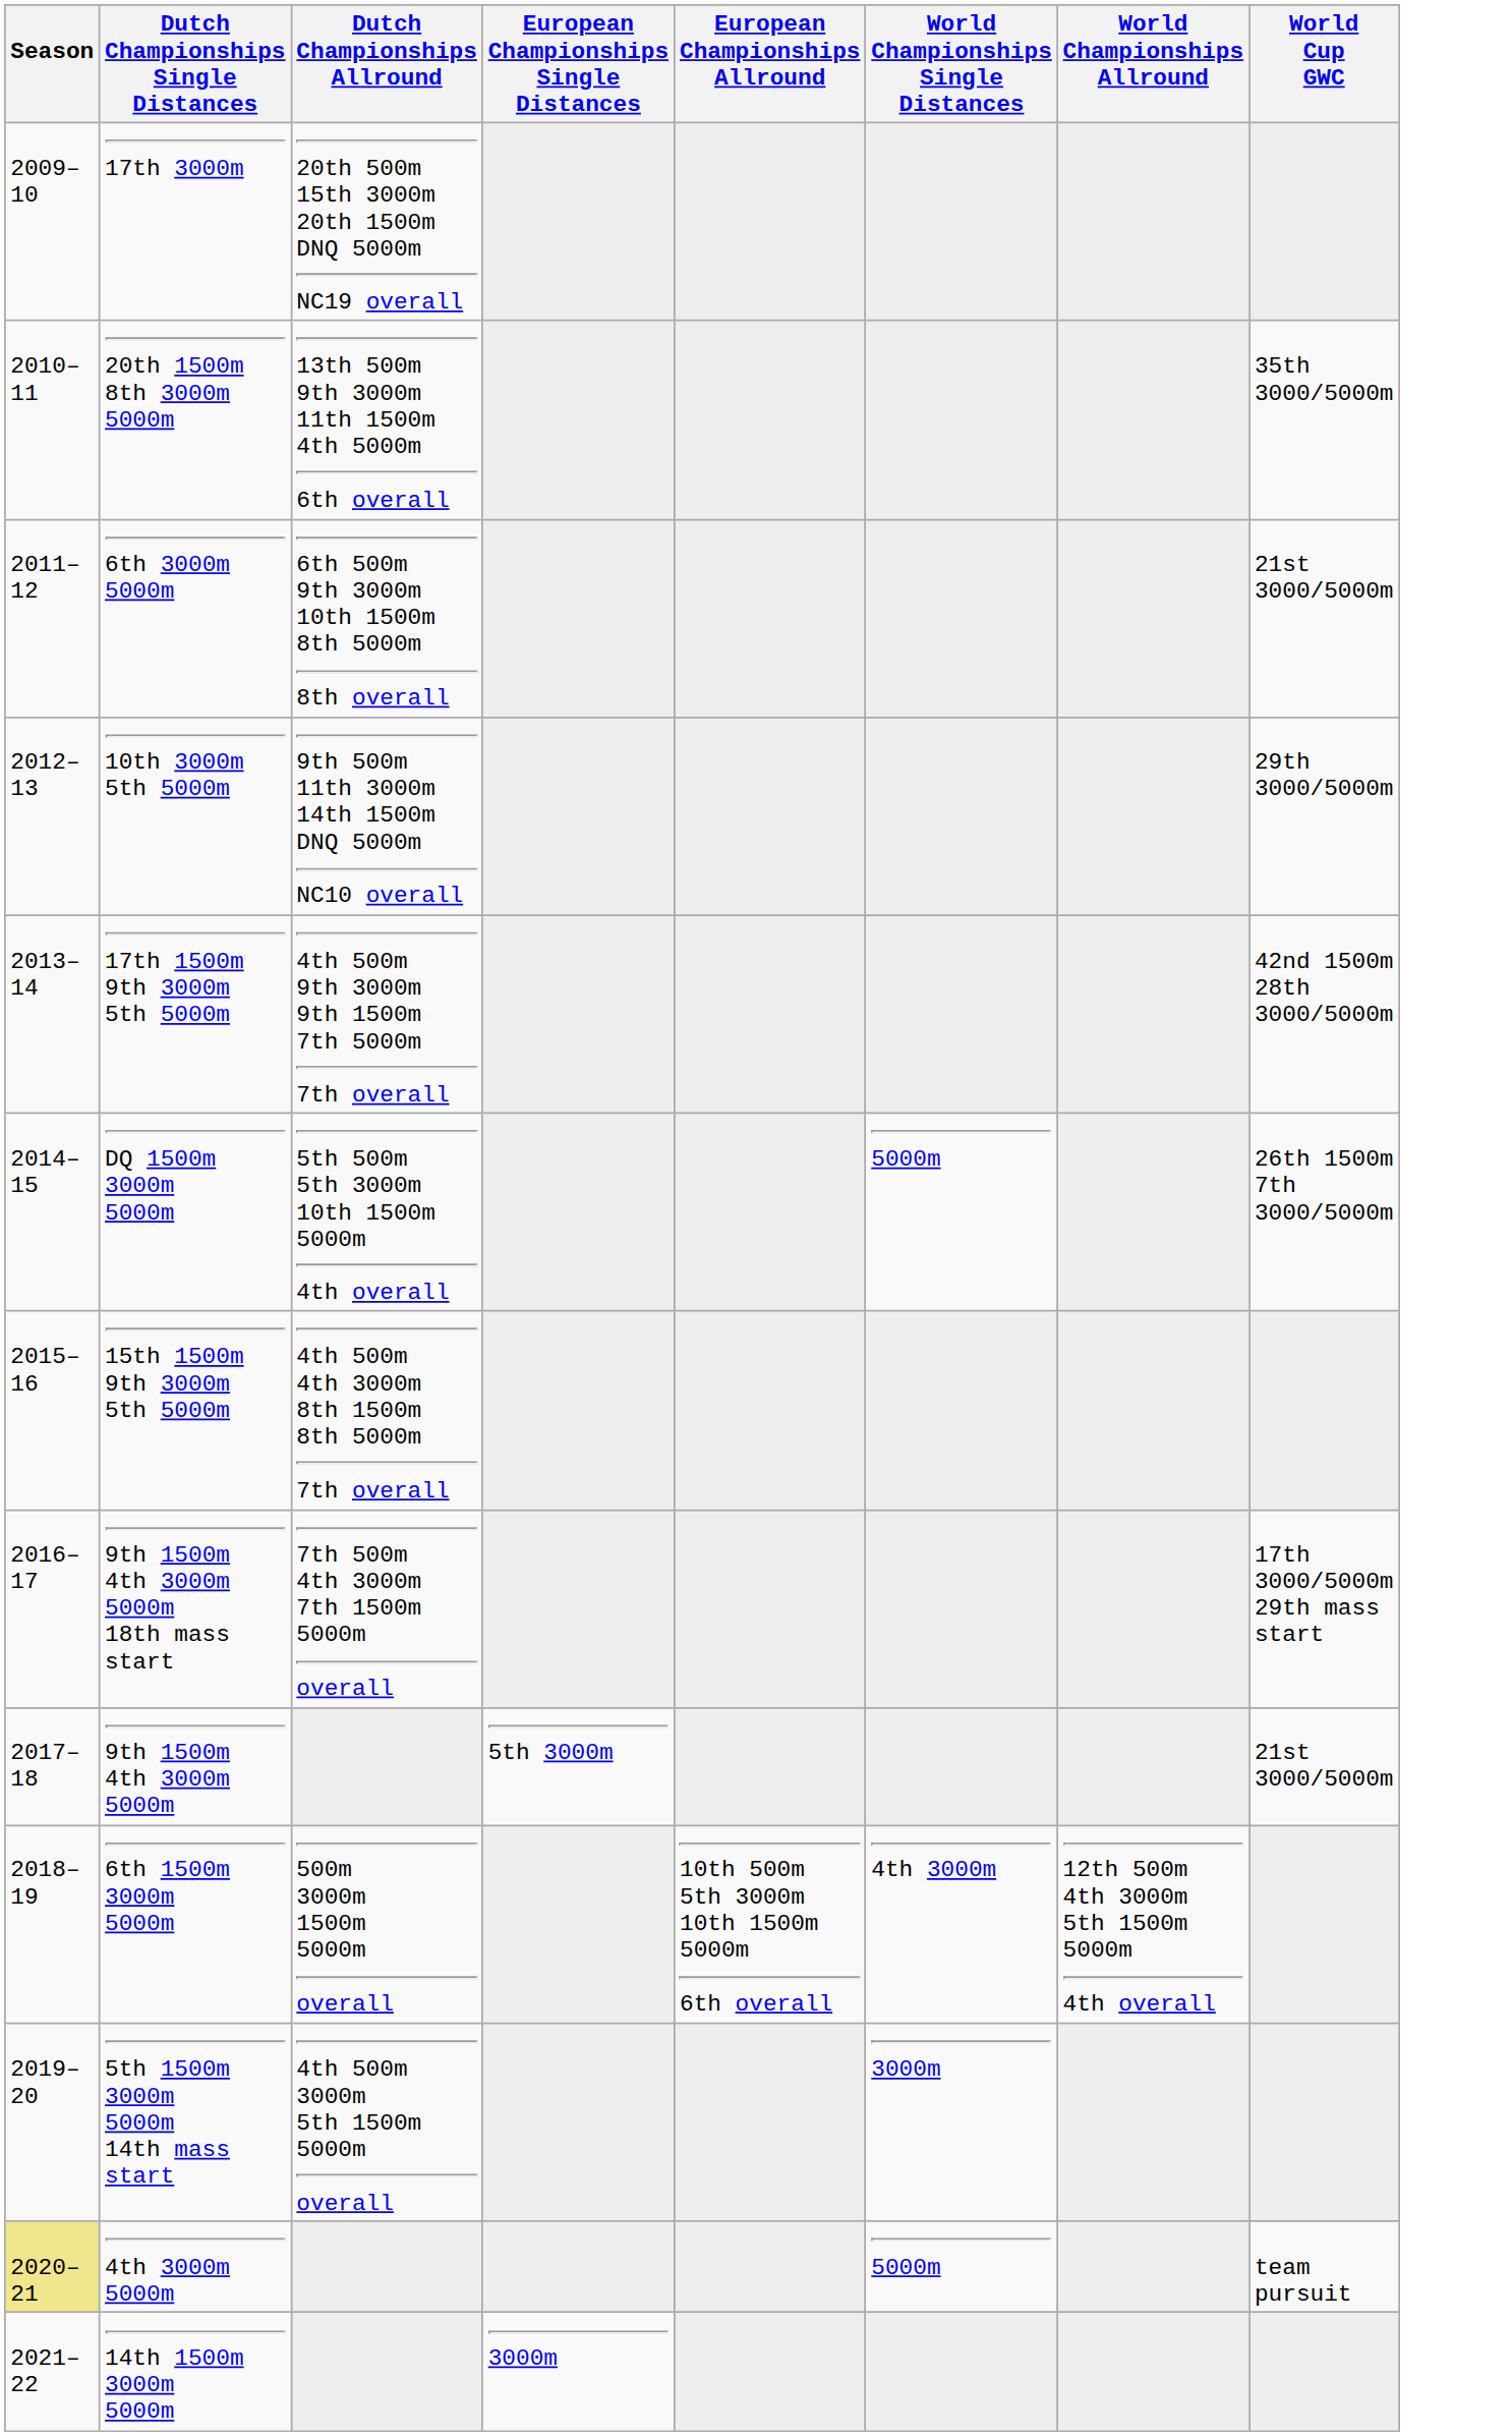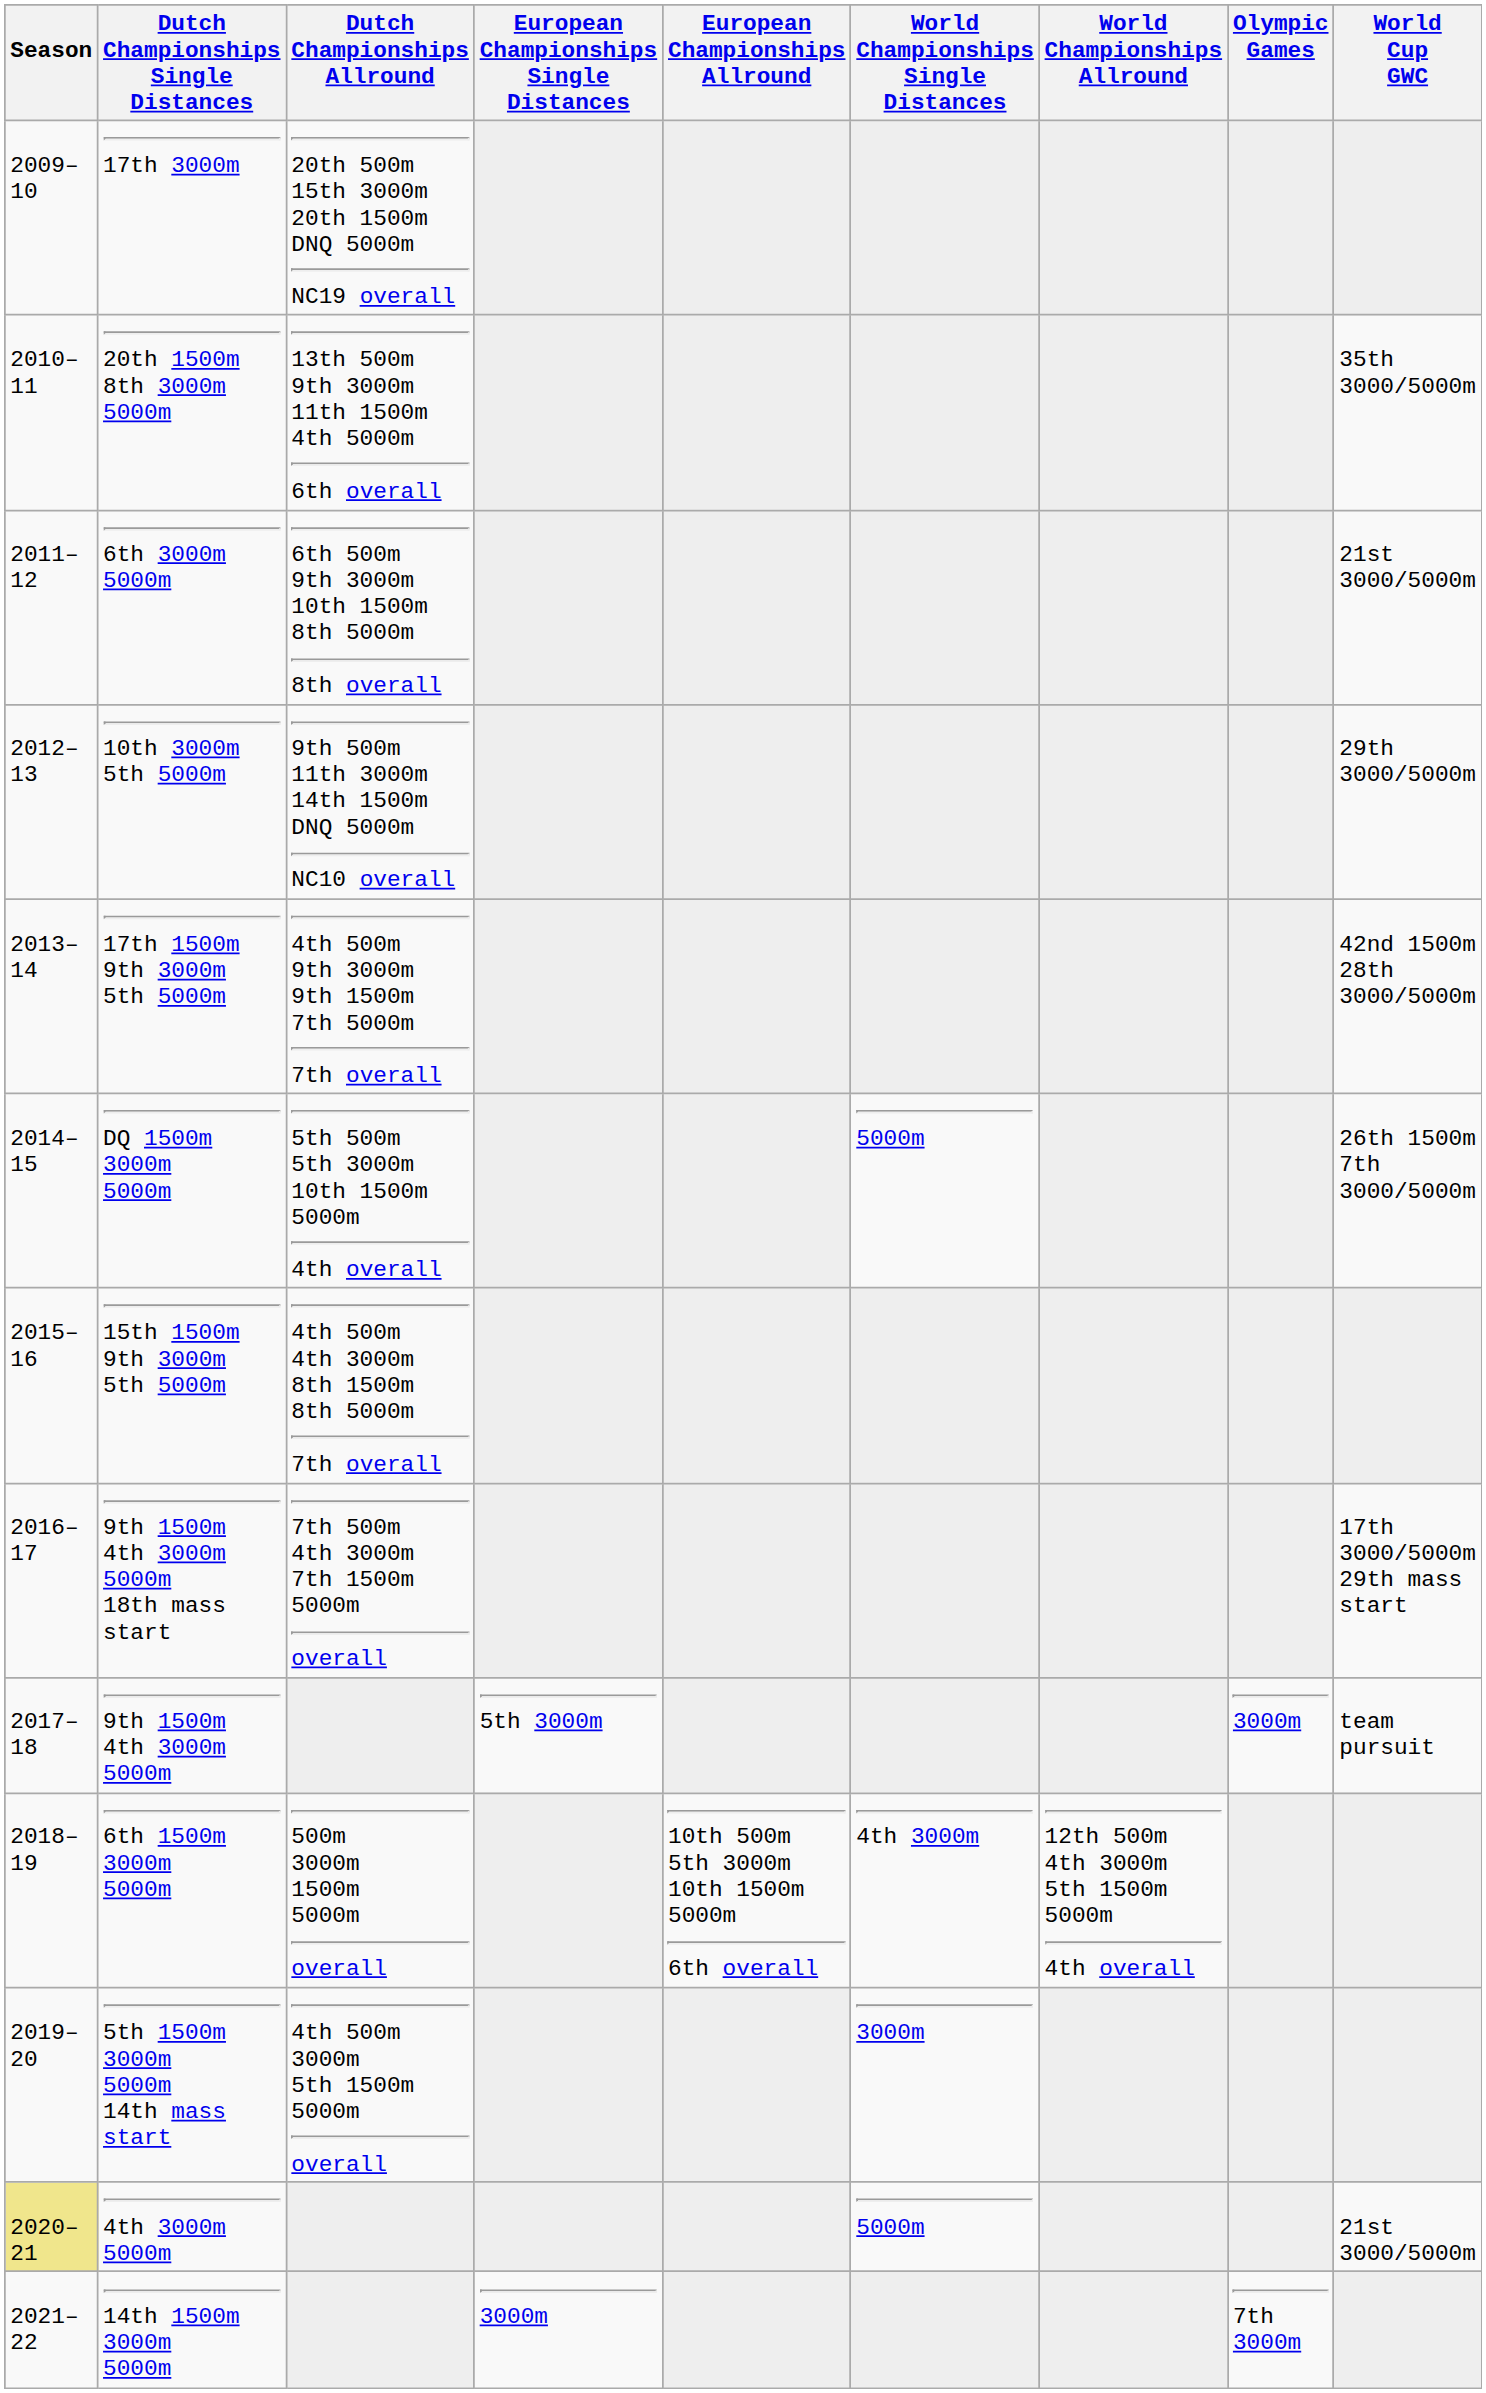 <table class="wikitable">
 <tr style="vertical-align: top;">
 <th><br> Season</th>
 <th><a href='#'>Dutch <br> Championships <br> Single <br> Distances</a></th>
 <th><a href='#'> Dutch <br> Championships <br> Allround</a></th>
 <th><a href='#'>European <br> Championships <br> Single <br> Distances</a></th>
 <th><a href='#'>European <br> Championships <br> Allround</a></th>
 <th><a href='#'>World <br> Championships <br> Single <br> Distances</a></th>
 <th><a href='#'>World <br> Championships <br> Allround</a></th>
+<th><a href='#'>Olympic <br> Games</a></th>
 <th><a href='#'>World <br> Cup <br> GWC</a></th>
 </tr>
 <tr style="vertical-align: top;">
 <td><br> 2009–10</td>
 <td> <hr> 17th <a href='#'>3000m</a></td>
 <td> <hr> 20th 500m <br> 15th 3000m <br> 20th 1500m <br> DNQ 5000m <hr> NC19 <a href='#'>overall</a></td>
+<td bgcolor=#EEEEEE></td>
 <td bgcolor=#EEEEEE></td>
 <td bgcolor=#EEEEEE></td>
 <td bgcolor=#EEEEEE></td>
 <td bgcolor=#EEEEEE></td>
 <td bgcolor=#EEEEEE></td>
 </tr>
 <tr style="vertical-align: top;">
 <td><br> 2010–11</td>
 <td> <hr> 20th <a href='#'>1500m</a> <br> 8th <a href='#'>3000m</a> <br>  <a href='#'>5000m</a></td>
 <td> <hr> 13th 500m <br> 9th 3000m <br> 11th 1500m <br> 4th 5000m <hr> 6th <a href='#'>overall</a></td>
 <td bgcolor=#EEEEEE></td>
 <td bgcolor=#EEEEEE></td>
 <td bgcolor=#EEEEEE></td>
 <td bgcolor=#EEEEEE></td>
+<td bgcolor=#EEEEEE></td>
 <td><br> 35th 3000/5000m</td>
 </tr>
 <tr style="vertical-align: top;">
 <td><br> 2011–12</td>
 <td> <hr> 6th <a href='#'>3000m</a> <br>  <a href='#'>5000m</a></td>
 <td> <hr> 6th 500m <br> 9th 3000m <br> 10th 1500m <br> 8th 5000m <hr> 8th <a href='#'>overall</a></td>
+<td bgcolor=#EEEEEE></td>
 <td bgcolor=#EEEEEE></td>
 <td bgcolor=#EEEEEE></td>
 <td bgcolor=#EEEEEE></td>
 <td bgcolor=#EEEEEE></td>
 <td><br> 21st 3000/5000m</td>
 </tr>
 <tr style="vertical-align: top;">
 <td><br> 2012–13</td>
 <td> <hr> 10th <a href='#'>3000m</a> <br> 5th <a href='#'>5000m</a></td>
 <td> <hr> 9th 500m <br> 11th 3000m <br> 14th 1500m <br> DNQ 5000m <hr> NC10 <a href='#'>overall</a></td>
 <td bgcolor=#EEEEEE></td>
 <td bgcolor=#EEEEEE></td>
 <td bgcolor=#EEEEEE></td>
 <td bgcolor=#EEEEEE></td>
+<td bgcolor=#EEEEEE></td>
 <td><br> 29th 3000/5000m</td>
 </tr>
 <tr style="vertical-align: top;">
 <td><br> 2013–14</td>
 <td> <hr> 17th <a href='#'>1500m</a> <br> 9th <a href='#'>3000m</a> <br> 5th <a href='#'>5000m</a></td>
 <td> <hr> 4th 500m <br> 9th 3000m <br> 9th 1500m <br> 7th 5000m <hr> 7th <a href='#'>overall</a></td>
+<td bgcolor=#EEEEEE></td>
 <td bgcolor=#EEEEEE></td>
 <td bgcolor=#EEEEEE></td>
 <td bgcolor=#EEEEEE></td>
 <td bgcolor=#EEEEEE></td>
 <td><br> 42nd 1500m <br> 28th 3000/5000m</td>
 </tr>
 <tr style="vertical-align: top;">
 <td><br> 2014–15</td>
 <td> <hr> DQ <a href='#'>1500m</a> <br>  <a href='#'>3000m</a> <br>  <a href='#'>5000m</a></td>
 <td> <hr> 5th 500m <br> 5th 3000m <br> 10th 1500m <br>  5000m <hr> 4th <a href='#'>overall</a></td>
 <td bgcolor=#EEEEEE></td>
 <td bgcolor=#EEEEEE></td>
 <td> <hr>  <a href='#'>5000m</a></td>
 <td bgcolor=#EEEEEE></td>
+<td bgcolor=#EEEEEE></td>
 <td><br> 26th 1500m <br> 7th 3000/5000m</td>
 </tr>
 <tr style="vertical-align: top;">
 <td><br> 2015–16</td>
 <td> <hr> 15th <a href='#'>1500m</a> <br> 9th <a href='#'>3000m</a> <br> 5th <a href='#'>5000m</a></td>
 <td> <hr> 4th 500m <br> 4th 3000m <br> 8th 1500m <br> 8th 5000m <hr> 7th <a href='#'>overall</a></td>
+<td bgcolor=#EEEEEE></td>
 <td bgcolor=#EEEEEE></td>
 <td bgcolor=#EEEEEE></td>
 <td bgcolor=#EEEEEE></td>
 <td bgcolor=#EEEEEE></td>
 <td bgcolor=#EEEEEE></td>
 </tr>
 <tr style="vertical-align: top;">
 <td><br> 2016–17</td>
 <td> <hr> 9th <a href='#'>1500m</a> <br> 4th <a href='#'>3000m</a> <br>  <a href='#'>5000m</a> <br> 18th mass start</td>
 <td> <hr> 7th 500m <br> 4th 3000m <br> 7th 1500m <br>  5000m <hr>  <a href='#'>overall</a></td>
 <td bgcolor=#EEEEEE></td>
 <td bgcolor=#EEEEEE></td>
 <td bgcolor=#EEEEEE></td>
 <td bgcolor=#EEEEEE></td>
+<td bgcolor=#EEEEEE></td>
 <td><br> 17th 3000/5000m <br> 29th mass start</td>
 </tr>
 <tr style="vertical-align: top;">
 <td><br> 2017–18</td>
 <td> <hr> 9th <a href='#'>1500m</a> <br> 4th <a href='#'>3000m</a> <br>  <a href='#'>5000m</a></td>
 <td bgcolor=#EEEEEE></td>
 <td> <hr> 5th <a href='#'>3000m</a></td>
 <td bgcolor=#EEEEEE></td>
 <td bgcolor=#EEEEEE></td>
 <td bgcolor=#EEEEEE></td>
-<td><br> 21st 3000/5000m</td>
+<td> <hr>  <a href='#'>3000m</a></td>
+<td><br>  team pursuit</td>
 </tr>
 <tr style="vertical-align: top;">
 <td><br> 2018–19</td>
 <td> <hr> 6th <a href='#'>1500m</a> <br>  <a href='#'>3000m</a> <br>  <a href='#'>5000m</a></td>
 <td> <hr>  500m <br>  3000m <br>  1500m <br>  5000m <hr>  <a href='#'>overall</a></td>
 <td bgcolor=#EEEEEE></td>
 <td> <hr> 10th 500m <br> 5th 3000m <br> 10th 1500m <br>  5000m <hr> 6th <a href='#'>overall</a></td>
 <td> <hr> 4th <a href='#'>3000m</a></td>
 <td> <hr> 12th 500m <br> 4th 3000m <br> 5th 1500m <br>  5000m <hr> 4th <a href='#'>overall</a></td>
+<td bgcolor=#EEEEEE></td>
 <td bgcolor=#EEEEEE></td>
 </tr>
 <tr style="vertical-align: top;">
 <td><br> 2019–20</td>
 <td> <hr> 5th <a href='#'>1500m</a> <br>  <a href='#'>3000m</a> <br>  <a href='#'>5000m</a> <br> 14th <a href='#'>mass start</a></td>
 <td> <hr> 4th 500m <br>  3000m <br> 5th 1500m <br>  5000m <hr>  <a href='#'>overall</a></td>
 <td bgcolor=#EEEEEE></td>
 <td bgcolor=#EEEEEE></td>
 <td> <hr>  <a href='#'>3000m</a></td>
 <td bgcolor=#EEEEEE></td>
 <td bgcolor=#EEEEEE></td>
+<td bgcolor=#EEEEEE></td>
 </tr>
 <tr style="vertical-align: top;">
 <td style="background: khaki;"><br> 2020–21</td>
 <td> <hr> 4th <a href='#'>3000m</a> <br>  <a href='#'>5000m</a></td>
 <td bgcolor=#EEEEEE></td>
 <td bgcolor=#EEEEEE></td>
 <td bgcolor=#EEEEEE></td>
 <td> <hr>  <a href='#'>5000m</a></td>
 <td bgcolor=#EEEEEE></td>
-<td><br>  team pursuit</td>
+<td bgcolor=#EEEEEE></td>
+<td><br> 21st 3000/5000m</td>
 </tr>
 <tr style="vertical-align: top;">
 <td><br> 2021–22</td>
 <td> <hr> 14th <a href='#'>1500m</a> <br>  <a href='#'>3000m</a> <br>  <a href='#'>5000m</a></td>
 <td bgcolor=#EEEEEE></td>
 <td> <hr>  <a href='#'>3000m</a></td>
 <td bgcolor=#EEEEEE></td>
 <td bgcolor=#EEEEEE></td>
 <td bgcolor=#EEEEEE></td>
+<td> <hr> 7th <a href='#'>3000m</a></td>
 <td bgcolor=#EEEEEE></td>
 </tr>
 </table>
